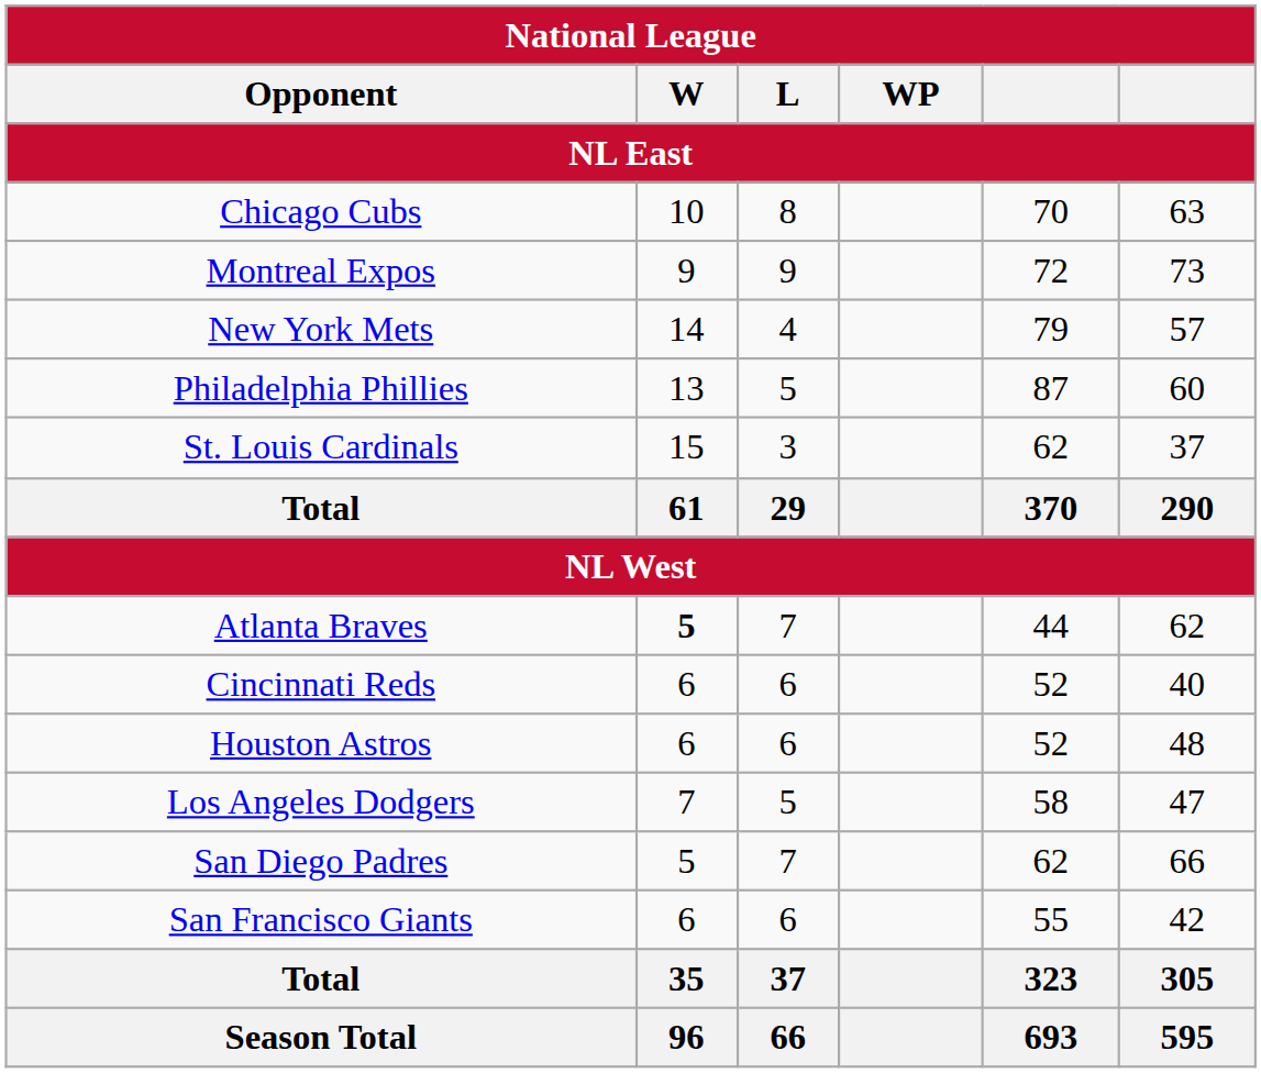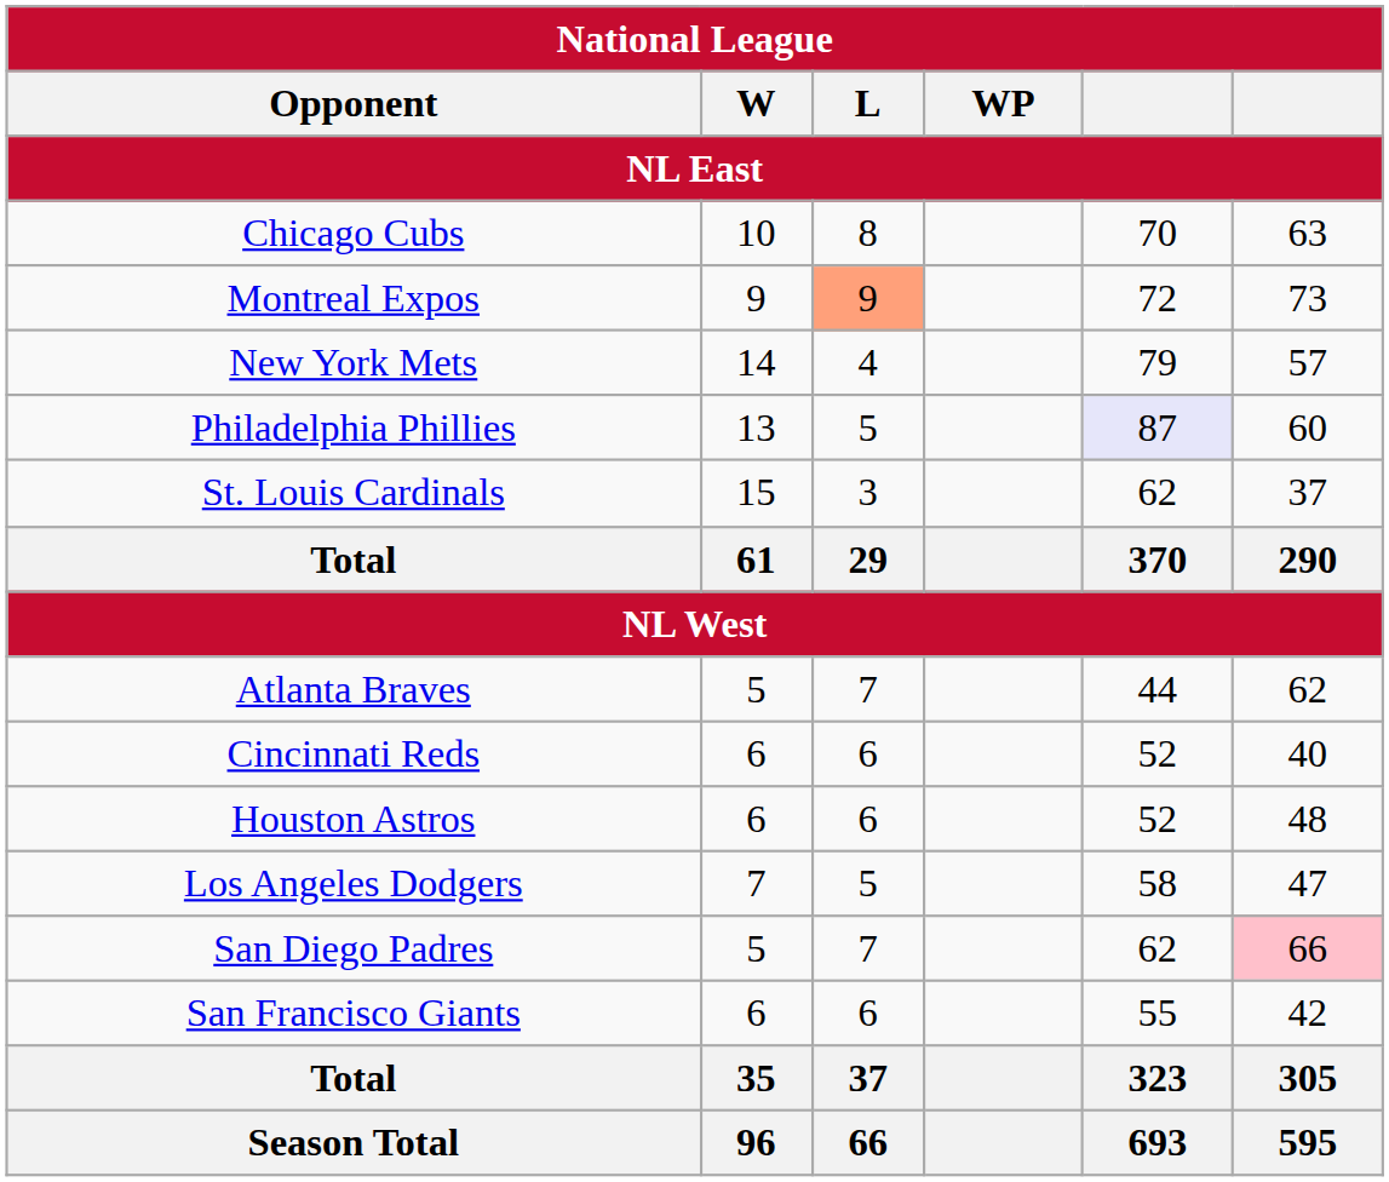 <table class="wikitable" style="font-size:95%; text-align:center; width:35em;margin:0.5em auto;">
 <tr>
 <td colspan="7" style="background:#c60c30;color:#fff"><strong>National League</strong></td>
 </tr>
 <tr>
 <th>Opponent</th>
 <th>W</th>
 <th>L</th>
 <th>WP</th>
 <th></th>
 <th></th>
 </tr>
 <tr>
 <td colspan="7" style="background:#c60c30;color:#fff"><strong>NL East</strong></td>
 </tr>
 <tr>
 <td><a href='#'>Chicago Cubs</a></td>
 <td>10</td>
 <td>8</td>
 <td></td>
 <td>70</td>
 <td>63</td>
 </tr>
 <tr>
 <td><a href='#'>Montreal Expos</a></td>
 <td>9</td>
-<td>9</td>
+<td style="background: lightsalmon;">9</td>
 <td></td>
 <td>72</td>
 <td>73</td>
 </tr>
 <tr>
 <td><a href='#'>New York Mets</a></td>
 <td>14</td>
 <td>4</td>
 <td></td>
 <td>79</td>
 <td>57</td>
 </tr>
 <tr>
 <td><a href='#'>Philadelphia Phillies</a></td>
 <td>13</td>
 <td>5</td>
 <td></td>
-<td>87</td>
+<td style="background: lavender;">87</td>
 <td>60</td>
 </tr>
 <tr>
 <td><a href='#'>St. Louis Cardinals</a></td>
 <td>15</td>
 <td>3</td>
 <td></td>
 <td>62</td>
 <td>37</td>
 </tr>
 <tr>
 <th>Total</th>
 <th>61</th>
 <th>29</th>
 <th></th>
 <th>370</th>
 <th>290</th>
 </tr>
 <tr>
 <td colspan="7" style="background:#c60c30;color:#fff"><strong>NL West</strong></td>
 </tr>
 <tr>
 <td><a href='#'>Atlanta Braves</a></td>
-<td><strong>5</strong></td>
+<td>5</td>
 <td>7</td>
 <td></td>
 <td>44</td>
 <td>62</td>
 </tr>
 <tr>
 <td><a href='#'>Cincinnati Reds</a></td>
 <td>6</td>
 <td>6</td>
 <td></td>
 <td>52</td>
 <td>40</td>
 </tr>
 <tr>
 <td><a href='#'>Houston Astros</a></td>
 <td>6</td>
 <td>6</td>
 <td></td>
 <td>52</td>
 <td>48</td>
 </tr>
 <tr>
 <td><a href='#'>Los Angeles Dodgers</a></td>
 <td>7</td>
 <td>5</td>
 <td></td>
 <td>58</td>
 <td>47</td>
 </tr>
 <tr>
 <td><a href='#'>San Diego Padres</a></td>
 <td>5</td>
 <td>7</td>
 <td></td>
 <td>62</td>
-<td>66</td>
+<td style="background: pink;">66</td>
 </tr>
 <tr>
 <td><a href='#'>San Francisco Giants</a></td>
 <td>6</td>
 <td>6</td>
 <td></td>
 <td>55</td>
 <td>42</td>
 </tr>
 <tr>
 <th>Total</th>
 <th>35</th>
 <th>37</th>
 <th></th>
 <th>323</th>
 <th>305</th>
 </tr>
 <tr>
 <th>Season Total</th>
 <th>96</th>
 <th>66</th>
 <th></th>
 <th>693</th>
 <th>595</th>
 </tr>
 </table>
